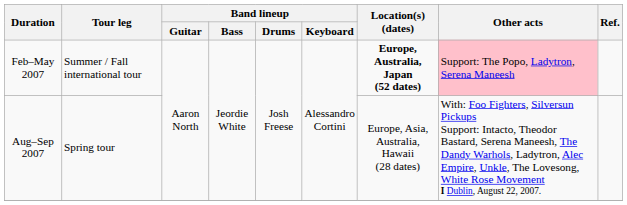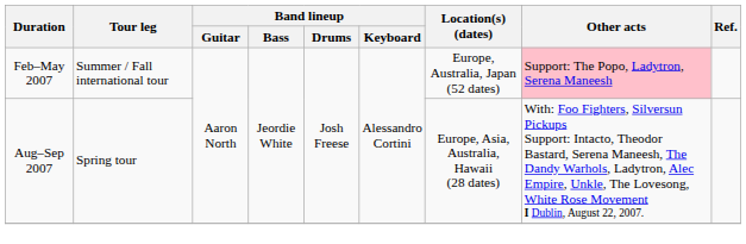 <table class="wikitable" style="width:100%">
 <tr>
 <th width="75" rowspan="2">Duration</th>
 <th width="140" rowspan="2">Tour leg</th>
 <th colspan="4">Band lineup</th>
 <th width="110" rowspan="2">Location(s)<br>(dates)</th>
 <th width="230" rowspan="2">Other acts</th>
 <th width="15" rowspan="2">Ref.</th>
 </tr>
 <tr>
 <th width="60">Guitar</th>
 <th width="60">Bass</th>
 <th width="60">Drums</th>
 <th width="60">Keyboard</th>
 </tr>
 <tr>
 <td align="center">Feb–May 2007</td>
 <td>Summer / Fall international tour</td>
 <td align="center" rowspan="2">Aaron North</td>
 <td align="center" rowspan="2">Jeordie White</td>
 <td align="center" rowspan="2">Josh Freese</td>
 <td align="center" rowspan="2">Alessandro Cortini</td>
-<td align="center"><strong>Europe, Australia, Japan<br>(52 dates)</strong></td>
+<td align="center">Europe, Australia, Japan<br>(52 dates)</td>
 <td style="background: pink;">Support: The Popo, <a href='#'>Ladytron</a>, <a href='#'>Serena Maneesh</a></td>
 <td align="center"></td>
 </tr>
 <tr>
 <td align="center">Aug–Sep 2007</td>
 <td>Spring tour</td>
 <td align="center">Europe, Asia, Australia, Hawaii<br>(28 dates)</td>
 <td>With: <a href='#'>Foo Fighters</a>, <a href='#'>Silversun Pickups</a><br>Support: Intacto, Theodor Bastard, Serena Maneesh, <a href='#'>The Dandy Warhols</a>, Ladytron, <a href='#'>Alec Empire</a>, <a href='#'>Unkle</a>, The Lovesong, <a href='#'>White Rose Movement</a><br> <small><div> <strong>I</strong> <a href='#'>Dublin</a>, August 22, 2007.</div></small></td>
 <td align="center"></td>
 </tr>
 <tr>
 </tr>
 </table>
